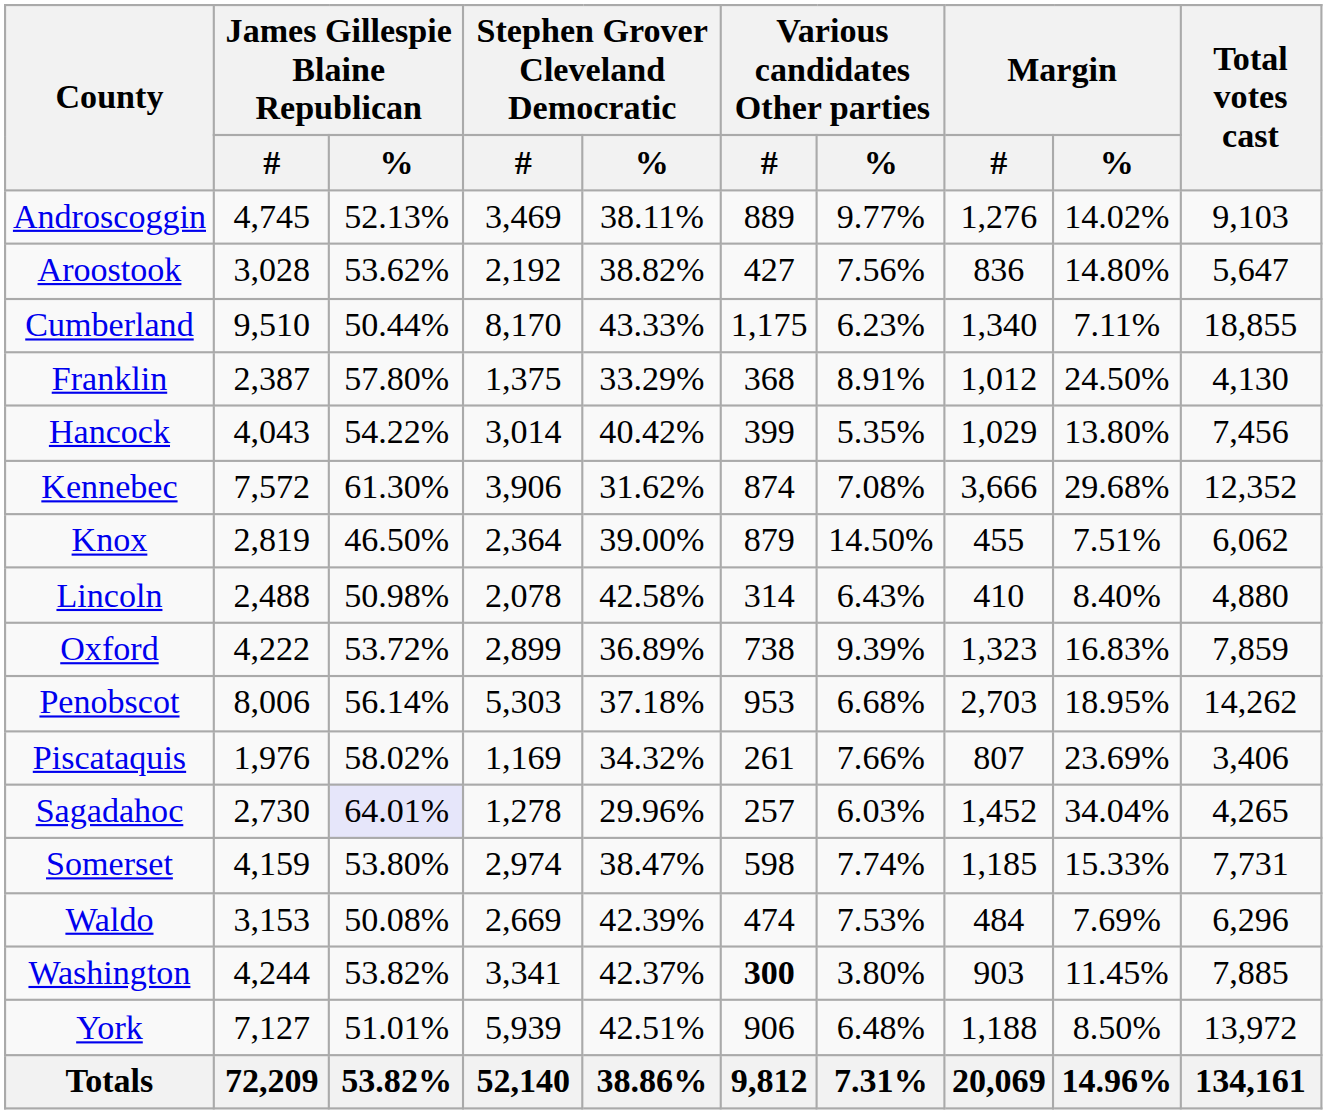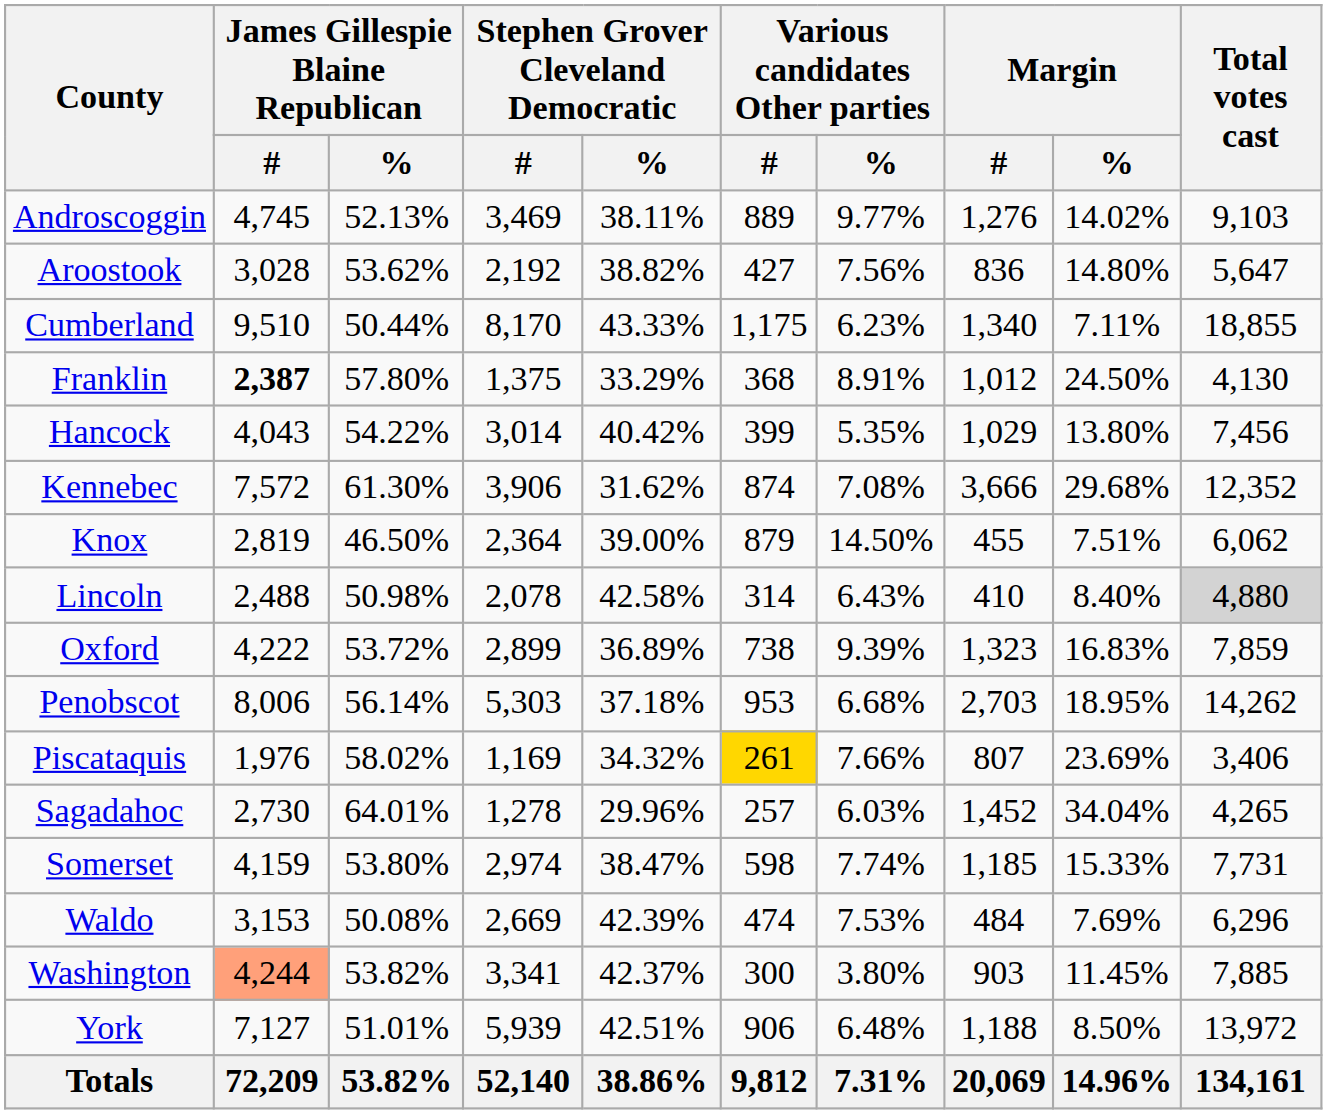 <table width="70%" class="wikitable sortable" style="text-align:center">
 <tr>
 <th style="text-align:center;" rowspan="2">County</th>
 <th style="text-align:center;" colspan="2">James Gillespie Blaine<br>Republican</th>
 <th style="text-align:center;" colspan="2">Stephen Grover Cleveland<br>Democratic</th>
 <th style="text-align:center;" colspan="2">Various candidates<br>Other parties</th>
 <th style="text-align:center;" colspan="2">Margin</th>
 <th style="text-align:center;" rowspan="2">Total votes cast</th>
 </tr>
 <tr>
 <th data-sort-type="number">#</th>
 <th data-sort-type="number">%</th>
 <th data-sort-type="number">#</th>
 <th data-sort-type="number">%</th>
 <th data-sort-type="number">#</th>
 <th data-sort-type="number">%</th>
 <th data-sort-type="number">#</th>
 <th data-sort-type="number">%</th>
 </tr>
 <tr style="text-align:center;">
 <td><a href='#'>Androscoggin</a></td>
 <td>4,745</td>
 <td>52.13%</td>
 <td>3,469</td>
 <td>38.11%</td>
 <td>889</td>
 <td>9.77%</td>
 <td>1,276</td>
 <td>14.02%</td>
 <td>9,103</td>
 </tr>
 <tr style="text-align:center;">
 <td><a href='#'>Aroostook</a></td>
 <td>3,028</td>
 <td>53.62%</td>
 <td>2,192</td>
 <td>38.82%</td>
 <td>427</td>
 <td>7.56%</td>
 <td>836</td>
 <td>14.80%</td>
 <td>5,647</td>
 </tr>
 <tr style="text-align:center;">
 <td><a href='#'>Cumberland</a></td>
 <td>9,510</td>
 <td>50.44%</td>
 <td>8,170</td>
 <td>43.33%</td>
 <td>1,175</td>
 <td>6.23%</td>
 <td>1,340</td>
 <td>7.11%</td>
 <td>18,855</td>
 </tr>
 <tr style="text-align:center;">
 <td><a href='#'>Franklin</a></td>
-<td>2,387</td>
+<td><strong>2,387</strong></td>
 <td>57.80%</td>
 <td>1,375</td>
 <td>33.29%</td>
 <td>368</td>
 <td>8.91%</td>
 <td>1,012</td>
 <td>24.50%</td>
 <td>4,130</td>
 </tr>
 <tr style="text-align:center;">
 <td><a href='#'>Hancock</a></td>
 <td>4,043</td>
 <td>54.22%</td>
 <td>3,014</td>
 <td>40.42%</td>
 <td>399</td>
 <td>5.35%</td>
 <td>1,029</td>
 <td>13.80%</td>
 <td>7,456</td>
 </tr>
 <tr style="text-align:center;">
 <td><a href='#'>Kennebec</a></td>
 <td>7,572</td>
 <td>61.30%</td>
 <td>3,906</td>
 <td>31.62%</td>
 <td>874</td>
 <td>7.08%</td>
 <td>3,666</td>
 <td>29.68%</td>
 <td>12,352</td>
 </tr>
 <tr style="text-align:center;">
 <td><a href='#'>Knox</a></td>
 <td>2,819</td>
 <td>46.50%</td>
 <td>2,364</td>
 <td>39.00%</td>
 <td>879</td>
 <td>14.50%</td>
 <td>455</td>
 <td>7.51%</td>
 <td>6,062</td>
 </tr>
 <tr style="text-align:center;">
 <td><a href='#'>Lincoln</a></td>
 <td>2,488</td>
 <td>50.98%</td>
 <td>2,078</td>
 <td>42.58%</td>
 <td>314</td>
 <td>6.43%</td>
 <td>410</td>
 <td>8.40%</td>
-<td>4,880</td>
+<td style="background: lightgrey;">4,880</td>
 </tr>
 <tr style="text-align:center;">
 <td><a href='#'>Oxford</a></td>
 <td>4,222</td>
 <td>53.72%</td>
 <td>2,899</td>
 <td>36.89%</td>
 <td>738</td>
 <td>9.39%</td>
 <td>1,323</td>
 <td>16.83%</td>
 <td>7,859</td>
 </tr>
 <tr style="text-align:center;">
 <td><a href='#'>Penobscot</a></td>
 <td>8,006</td>
 <td>56.14%</td>
 <td>5,303</td>
 <td>37.18%</td>
 <td>953</td>
 <td>6.68%</td>
 <td>2,703</td>
 <td>18.95%</td>
 <td>14,262</td>
 </tr>
 <tr style="text-align:center;">
 <td><a href='#'>Piscataquis</a></td>
 <td>1,976</td>
 <td>58.02%</td>
 <td>1,169</td>
 <td>34.32%</td>
-<td>261</td>
+<td style="background: gold;">261</td>
 <td>7.66%</td>
 <td>807</td>
 <td>23.69%</td>
 <td>3,406</td>
 </tr>
 <tr style="text-align:center;">
 <td><a href='#'>Sagadahoc</a></td>
 <td>2,730</td>
-<td style="background: lavender;">64.01%</td>
+<td>64.01%</td>
 <td>1,278</td>
 <td>29.96%</td>
 <td>257</td>
 <td>6.03%</td>
 <td>1,452</td>
 <td>34.04%</td>
 <td>4,265</td>
 </tr>
 <tr style="text-align:center;">
 <td><a href='#'>Somerset</a></td>
 <td>4,159</td>
 <td>53.80%</td>
 <td>2,974</td>
 <td>38.47%</td>
 <td>598</td>
 <td>7.74%</td>
 <td>1,185</td>
 <td>15.33%</td>
 <td>7,731</td>
 </tr>
 <tr style="text-align:center;">
 <td><a href='#'>Waldo</a></td>
 <td>3,153</td>
 <td>50.08%</td>
 <td>2,669</td>
 <td>42.39%</td>
 <td>474</td>
 <td>7.53%</td>
 <td>484</td>
 <td>7.69%</td>
 <td>6,296</td>
 </tr>
 <tr style="text-align:center;">
 <td><a href='#'>Washington</a></td>
-<td>4,244</td>
+<td style="background: lightsalmon;">4,244</td>
 <td>53.82%</td>
 <td>3,341</td>
 <td>42.37%</td>
-<td><strong>300</strong></td>
+<td>300</td>
 <td>3.80%</td>
 <td>903</td>
 <td>11.45%</td>
 <td>7,885</td>
 </tr>
 <tr style="text-align:center;">
 <td><a href='#'>York</a></td>
 <td>7,127</td>
 <td>51.01%</td>
 <td>5,939</td>
 <td>42.51%</td>
 <td>906</td>
 <td>6.48%</td>
 <td>1,188</td>
 <td>8.50%</td>
 <td>13,972</td>
 </tr>
 <tr style="text-align:center;">
 <th>Totals</th>
 <th>72,209</th>
 <th>53.82%</th>
 <th>52,140</th>
 <th>38.86%</th>
 <th>9,812</th>
 <th>7.31%</th>
 <th>20,069</th>
 <th>14.96%</th>
 <th>134,161</th>
 </tr>
 </table>
